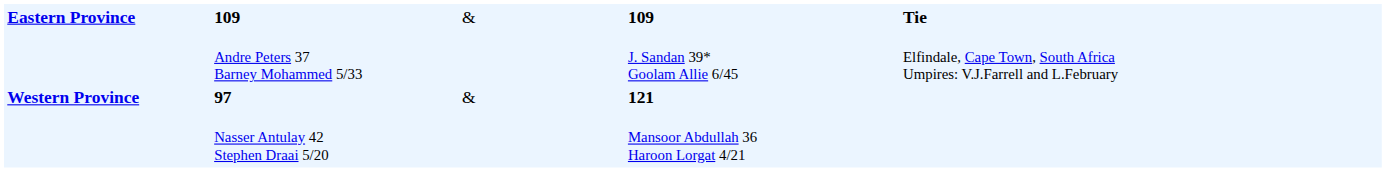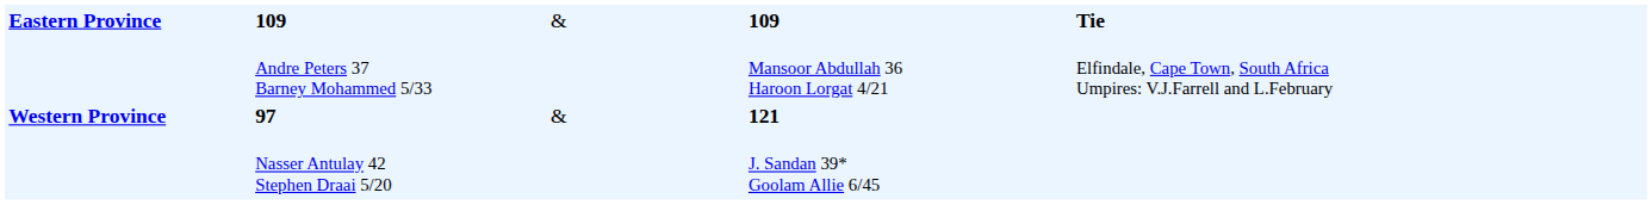 <table width="100%" style="background: #EBF5FF">
 <tr>
 <td width="15%" valign="top" rowspan="2"><strong><a href='#'>Eastern Province</a></strong></td>
 <td width="18%"><strong>109</strong></td>
 <td width="12%">&</td>
 <td width="20%"><strong>109</strong></td>
 <td width="35%"><strong>Tie</strong></td>
 </tr>
 <tr>
 <td style="font-size: 85%;" valign="top"><br><a href='#'>Andre Peters</a> 37<br> <a href='#'>Barney Mohammed</a> 5/33</td>
 <td></td>
-<td style="font-size: 85%;"><br><a href='#'>J. Sandan</a> 39*<br> <a href='#'>Goolam Allie</a> 6/45</td>
+<td valign="top" style="font-size: 85%;"><br><a href='#'>Mansoor Abdullah</a> 36<br> <a href='#'>Haroon Lorgat</a> 4/21</td>
 <td valign="top" style="font-size: 85%;" rowspan="3"><br>Elfindale, <a href='#'>Cape Town</a>, <a href='#'>South Africa</a><br> Umpires: V.J.Farrell and L.February</td>
 </tr>
 <tr>
 <td valign="top" rowspan="2"><strong><a href='#'>Western Province</a></strong></td>
 <td><strong>97</strong></td>
 <td>&</td>
 <td><strong>121</strong></td>
 </tr>
 <tr>
 <td style="font-size: 85%;"><br><a href='#'>Nasser Antulay</a> 42<br> <a href='#'>Stephen Draai</a> 5/20</td>
 <td></td>
-<td valign="top" style="font-size: 85%;"><br><a href='#'>Mansoor Abdullah</a> 36<br> <a href='#'>Haroon Lorgat</a> 4/21</td>
+<td style="font-size: 85%;"><br><a href='#'>J. Sandan</a> 39*<br> <a href='#'>Goolam Allie</a> 6/45</td>
 </tr>
 </table>
